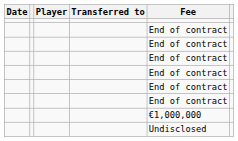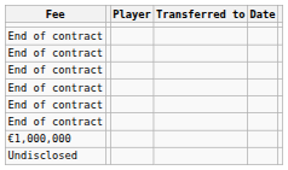 <table class="wikitable plainrowheaders sortable">
 <tr>
-<th scope="col">Date</th>
+<th scope="col">Fee</th>
 <th scope="col"></th>
 <th scope="col">Player</th>
 <th scope="col">Transferred to</th>
-<th scope="col">Fee</th>
+<th scope="col">Date</th>
 <th scope="col" class="unsortable"></th>
 </tr>
 <tr>
 <td></td>
 <td align="center"></td>
 <td></td>
 <td></td>
 <td></td>
 <td></td>
 </tr>
 <tr>
-<td></td>
+<td>End of contract</td>
 <td align="center"></td>
 <td></td>
 <td></td>
-<td>End of contract</td>
+<td></td>
 <td></td>
 </tr>
 <tr>
-<td></td>
+<td>End of contract</td>
 <td align="center"></td>
 <td></td>
 <td></td>
-<td>End of contract</td>
+<td></td>
 <td></td>
 </tr>
 <tr>
-<td></td>
+<td>End of contract</td>
 <td align="center"></td>
 <td></td>
 <td></td>
-<td>End of contract</td>
+<td></td>
 <td></td>
 </tr>
 <tr>
-<td></td>
+<td>End of contract</td>
 <td align="center"></td>
 <td></td>
 <td></td>
-<td>End of contract</td>
+<td></td>
 <td></td>
 </tr>
 <tr>
-<td></td>
+<td>End of contract</td>
 <td align="center"></td>
 <td></td>
 <td></td>
-<td>End of contract</td>
+<td></td>
 <td></td>
 </tr>
 <tr>
-<td></td>
+<td>End of contract</td>
 <td align="center"></td>
 <td></td>
 <td></td>
-<td>End of contract</td>
+<td></td>
 <td></td>
 </tr>
 <tr>
-<td></td>
+<td>€1,000,000</td>
 <td align="center"></td>
 <td></td>
 <td></td>
-<td>€1,000,000</td>
+<td></td>
 <td></td>
 </tr>
 <tr>
-<td></td>
+<td>Undisclosed</td>
 <td align="center"></td>
 <td></td>
 <td></td>
-<td>Undisclosed</td>
+<td></td>
 <td></td>
 </tr>
 </table>
